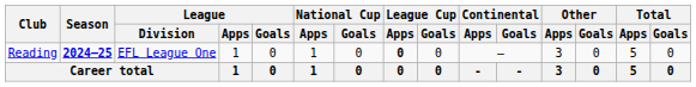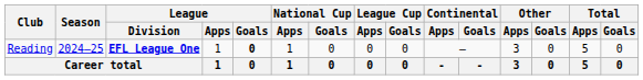 <table class="wikitable" style="text-align:center">
 <tr>
 <th rowspan="2">Club</th>
 <th rowspan="2">Season</th>
 <th colspan="3">League</th>
 <th colspan="2">National Cup</th>
 <th colspan="2">League Cup</th>
 <th colspan="2">Continental</th>
 <th colspan="2">Other</th>
 <th colspan="2">Total</th>
 </tr>
 <tr>
 <th>Division</th>
 <th>Apps</th>
 <th>Goals</th>
 <th>Apps</th>
 <th>Goals</th>
 <th>Apps</th>
 <th>Goals</th>
 <th>Apps</th>
 <th>Goals</th>
 <th>Apps</th>
 <th>Goals</th>
 <th>Apps</th>
 <th>Goals</th>
 </tr>
 <tr>
 <td><a href='#'>Reading</a></td>
-<td><strong><a href='#'>2024–25</a></strong></td>
-<td><a href='#'>EFL League One</a></td>
+<td><a href='#'>2024–25</a></td>
+<td><strong><a href='#'>EFL League One</a></strong></td>
+<td>1</td>
+<td><strong>0</strong></td>
 <td>1</td>
 <td>0</td>
-<td>1</td>
 <td>0</td>
-<td><strong>0</strong></td>
 <td>0</td>
 <td colspan="2">—</td>
 <td>3</td>
 <td>0</td>
 <td>5</td>
 <td>0</td>
 </tr>
 <tr>
 <th colspan="3">Career total</th>
 <th>1</th>
 <th>0</th>
 <th>1</th>
 <th>0</th>
 <th>0</th>
 <th>0</th>
 <th>-</th>
 <th>-</th>
 <th>3</th>
 <th>0</th>
 <th>5</th>
 <th>0</th>
 </tr>
 </table>
